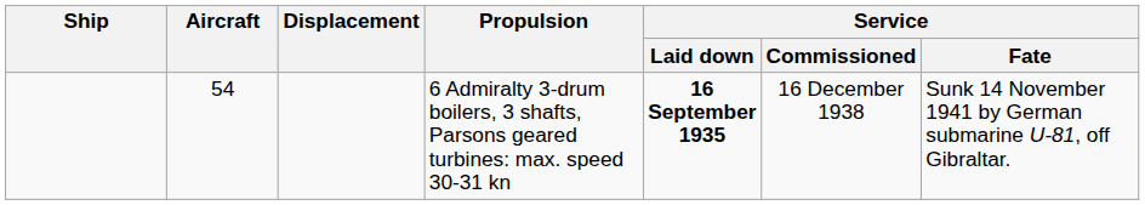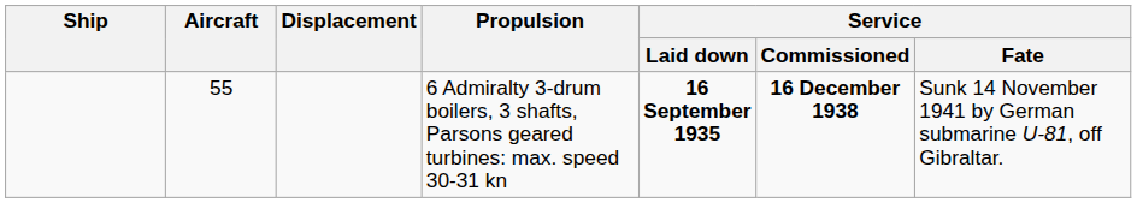 <table class="wikitable" style="width:98%;">
 <tr valign="top"|- valign="top">
 <th style="width:15%; text-align:center;" rowspan="2">Ship</th>
 <th style="width:10%; text-align:center;" rowspan="2">Aircraft</th>
 <th style="width:10%; text-align:center;" rowspan="2">Displacement</th>
 <th style="width:20%; text-align:center;" rowspan="2">Propulsion</th>
 <th style="width:40%; text-align:center;" colspan="3">Service</th>
 </tr>
 <tr valign="top">
 <th style="width:10%; text-align:center;">Laid down</th>
 <th style="width:10%; text-align:center;">Commissioned</th>
 <th style="width:20%; text-align:center;">Fate</th>
 </tr>
 <tr valign="top">
 <td align= left></td>
-<td style="text-align:center;">54</td>
+<td style="text-align:center;">55</td>
 <td style="text-align:center;"></td>
 <td align= left>6 Admiralty 3-drum boilers, 3 shafts, Parsons geared turbines: max. speed 30-31 kn</td>
 <td style="text-align:center;"><strong>16 September 1935</strong></td>
-<td style="text-align:center;">16 December 1938</td>
+<td style="text-align:center;"><strong>16 December 1938</strong></td>
 <td align= left>Sunk 14 November 1941 by German submarine <em>U-81</em>, off Gibraltar.</td>
 </tr>
 </table>
